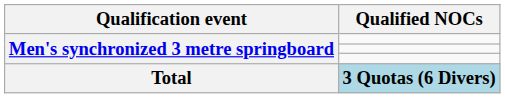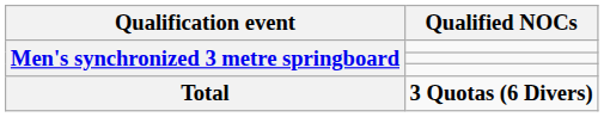 <table class="wikitable">
 <tr>
 <th>Qualification event</th>
 <th>Qualified NOCs</th>
 </tr>
 <tr>
 <th rowspan="3"><a href='#'>Men's synchronized 3 metre springboard</a></th>
 <td></td>
 </tr>
 <tr>
 <td></td>
 </tr>
 <tr>
 <td></td>
 </tr>
 <tr>
 <th>Total</th>
-<td style="background: lightblue;"><strong>3 Quotas (6 Divers)</strong></td>
+<td><strong>3 Quotas (6 Divers)</strong></td>
 </tr>
 </table>
